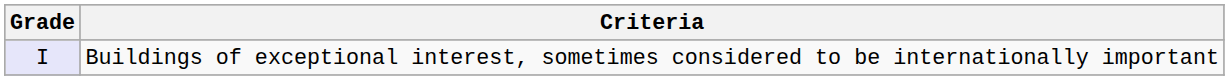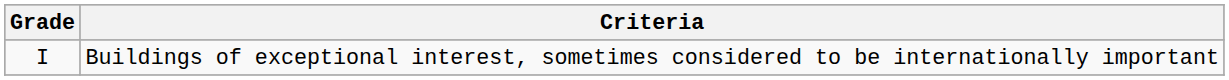 <table class="wikitable">
 <tr>
 <th>Grade</th>
 <th>Criteria</th>
 </tr>
 <tr>
-<td align="center"  style="background: lavender;">I</td>
+<td align="center" >I</td>
 <td>Buildings of exceptional interest, sometimes considered to be internationally important</td>
 </tr>
 </table>
